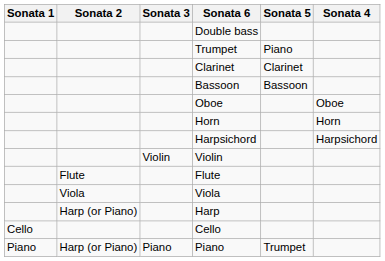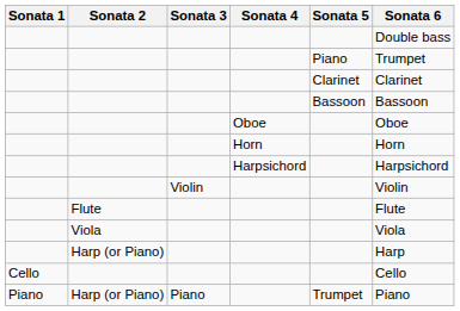 <table class=wikitable>
 <tr>
 <th>Sonata 1</th>
 <th>Sonata 2</th>
 <th>Sonata 3</th>
+<th>Sonata 4</th>
+<th>Sonata 5</th>
 <th>Sonata 6</th>
-<th>Sonata 5</th>
-<th>Sonata 4</th>
 </tr>
 <tr>
 <td></td>
 <td></td>
 <td></td>
-<td>Double bass</td>
 <td></td>
 <td></td>
+<td>Double bass</td>
 </tr>
 <tr>
 <td></td>
 <td></td>
 <td></td>
+<td></td>
+<td>Piano</td>
 <td>Trumpet</td>
-<td>Piano</td>
-<td></td>
 </tr>
 <tr>
 <td></td>
 <td></td>
 <td></td>
+<td></td>
 <td>Clarinet</td>
 <td>Clarinet</td>
-<td></td>
 </tr>
 <tr>
 <td></td>
 <td></td>
 <td></td>
+<td></td>
 <td>Bassoon</td>
 <td>Bassoon</td>
-<td></td>
 </tr>
 <tr>
 <td></td>
 <td></td>
 <td></td>
 <td>Oboe</td>
 <td></td>
 <td>Oboe</td>
 </tr>
 <tr>
 <td></td>
 <td></td>
 <td></td>
 <td>Horn</td>
 <td></td>
 <td>Horn</td>
 </tr>
 <tr>
 <td></td>
 <td></td>
 <td></td>
 <td>Harpsichord</td>
 <td></td>
 <td>Harpsichord</td>
 </tr>
 <tr>
 <td></td>
 <td></td>
 <td>Violin</td>
-<td>Violin</td>
 <td></td>
 <td></td>
+<td>Violin</td>
 </tr>
 <tr>
 <td></td>
 <td>Flute</td>
 <td></td>
-<td>Flute</td>
 <td></td>
 <td></td>
+<td>Flute</td>
 </tr>
 <tr>
 <td></td>
 <td>Viola</td>
 <td></td>
-<td>Viola</td>
 <td></td>
 <td></td>
+<td>Viola</td>
 </tr>
 <tr>
 <td></td>
 <td>Harp (or Piano)</td>
 <td></td>
-<td>Harp</td>
 <td></td>
 <td></td>
+<td>Harp</td>
 </tr>
 <tr>
 <td>Cello</td>
 <td></td>
 <td></td>
-<td>Cello</td>
 <td></td>
 <td></td>
+<td>Cello</td>
 </tr>
 <tr>
 <td>Piano</td>
 <td>Harp (or Piano)</td>
 <td>Piano</td>
+<td></td>
+<td>Trumpet</td>
 <td>Piano</td>
-<td>Trumpet</td>
-<td></td>
 </tr>
 </table>
